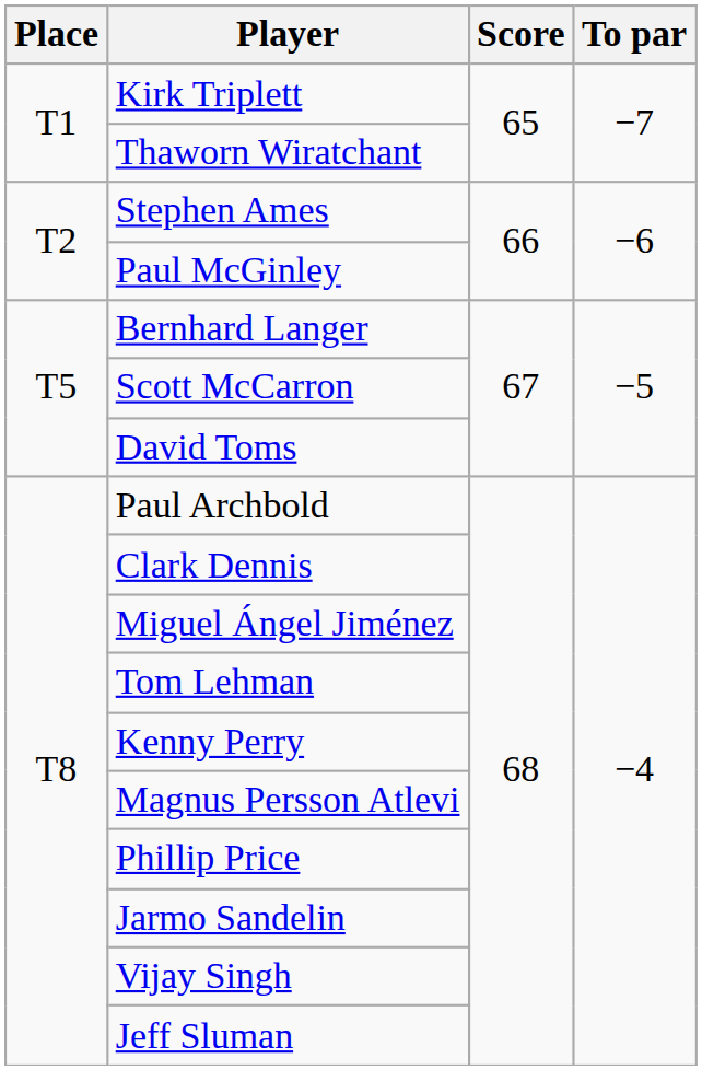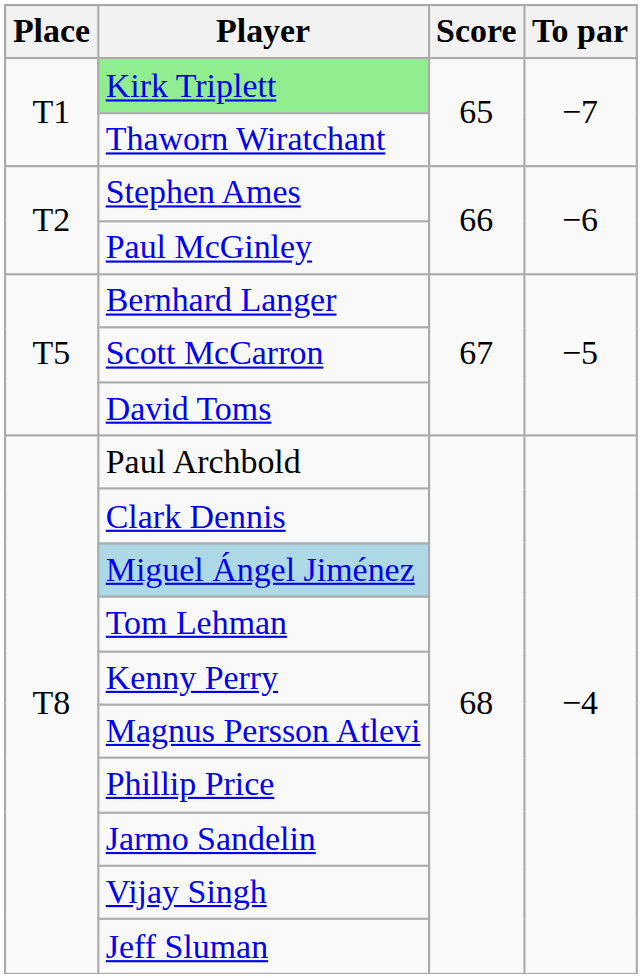 <table class="wikitable">
 <tr>
 <th>Place</th>
 <th>Player</th>
 <th>Score</th>
 <th>To par</th>
 </tr>
 <tr>
 <td rowspan="2" style="text-align:center;">T1</td>
-<td> <a href='#'>Kirk Triplett</a></td>
+<td style="background: lightgreen;"> <a href='#'>Kirk Triplett</a></td>
 <td rowspan="2" style="text-align:center;">65</td>
 <td rowspan="2" style="text-align:center;">−7</td>
 </tr>
 <tr>
 <td> <a href='#'>Thaworn Wiratchant</a></td>
 </tr>
 <tr>
 <td rowspan="2" style="text-align:center;">T2</td>
 <td> <a href='#'>Stephen Ames</a></td>
 <td rowspan="2" style="text-align:center;">66</td>
 <td rowspan="2" style="text-align:center;">−6</td>
 </tr>
 <tr>
 <td> <a href='#'>Paul McGinley</a></td>
 </tr>
 <tr>
 <td rowspan="3" style="text-align:center;">T5</td>
 <td> <a href='#'>Bernhard Langer</a></td>
 <td rowspan="3" style="text-align:center;">67</td>
 <td rowspan="3" style="text-align:center;">−5</td>
 </tr>
 <tr>
 <td> <a href='#'>Scott McCarron</a></td>
 </tr>
 <tr>
 <td> <a href='#'>David Toms</a></td>
 </tr>
 <tr>
 <td rowspan="10" style="text-align:center;">T8</td>
 <td> Paul Archbold</td>
 <td rowspan="10" style="text-align:center;">68</td>
 <td rowspan="10" style="text-align:center;">−4</td>
 </tr>
 <tr>
 <td> <a href='#'>Clark Dennis</a></td>
 </tr>
 <tr>
-<td> <a href='#'>Miguel Ángel Jiménez</a></td>
+<td style="background: lightblue;"> <a href='#'>Miguel Ángel Jiménez</a></td>
 </tr>
 <tr>
 <td> <a href='#'>Tom Lehman</a></td>
 </tr>
 <tr>
 <td> <a href='#'>Kenny Perry</a></td>
 </tr>
 <tr>
 <td> <a href='#'>Magnus Persson Atlevi</a></td>
 </tr>
 <tr>
 <td> <a href='#'>Phillip Price</a></td>
 </tr>
 <tr>
 <td> <a href='#'>Jarmo Sandelin</a></td>
 </tr>
 <tr>
 <td> <a href='#'>Vijay Singh</a></td>
 </tr>
 <tr>
 <td> <a href='#'>Jeff Sluman</a></td>
 </tr>
 </table>
